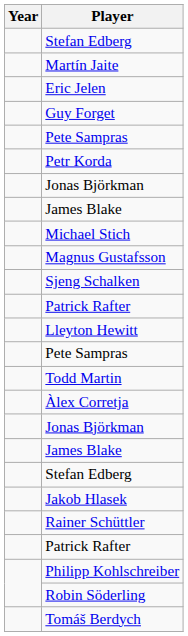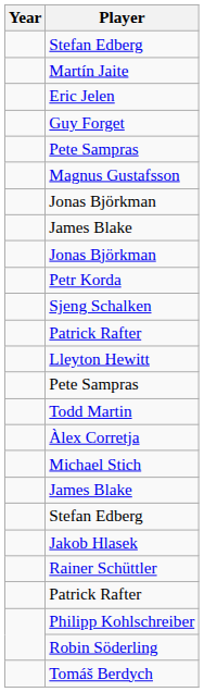 <table class="wikitable sortable">
 <tr>
 <th>Year</th>
 <th>Player</th>
 </tr>
 <tr>
 <td></td>
 <td> <a href='#'>Stefan Edberg</a></td>
 </tr>
 <tr>
 <td></td>
 <td> <a href='#'>Martín Jaite</a></td>
 </tr>
 <tr>
 <td></td>
 <td> <a href='#'>Eric Jelen</a></td>
 </tr>
 <tr>
 <td></td>
 <td> <a href='#'>Guy Forget</a></td>
 </tr>
 <tr>
 <td></td>
 <td> <a href='#'>Pete Sampras</a></td>
 </tr>
 <tr>
 <td></td>
-<td> <a href='#'>Petr Korda</a></td>
+<td> <a href='#'>Magnus Gustafsson</a></td>
 </tr>
 <tr>
 <td></td>
 <td> Jonas Björkman </td>
 </tr>
 <tr>
 <td></td>
 <td> James Blake </td>
 </tr>
 <tr>
 <td></td>
-<td> <a href='#'>Michael Stich</a></td>
+<td> <a href='#'>Jonas Björkman</a></td>
 </tr>
 <tr>
 <td></td>
-<td> <a href='#'>Magnus Gustafsson</a></td>
+<td> <a href='#'>Petr Korda</a></td>
 </tr>
 <tr>
 <td></td>
 <td> <a href='#'>Sjeng Schalken</a></td>
 </tr>
 <tr>
 <td></td>
 <td> <a href='#'>Patrick Rafter</a></td>
 </tr>
 <tr>
 <td></td>
 <td> <a href='#'>Lleyton Hewitt</a></td>
 </tr>
 <tr>
 <td></td>
 <td> Pete Sampras </td>
 </tr>
 <tr>
 <td></td>
 <td> <a href='#'>Todd Martin</a></td>
 </tr>
 <tr>
 <td></td>
 <td> <a href='#'>Àlex Corretja</a></td>
 </tr>
 <tr>
 <td></td>
-<td> <a href='#'>Jonas Björkman</a></td>
+<td> <a href='#'>Michael Stich</a></td>
 </tr>
 <tr>
 <td></td>
 <td> <a href='#'>James Blake</a></td>
 </tr>
 <tr>
 <td></td>
 <td> Stefan Edberg </td>
 </tr>
 <tr>
 <td></td>
 <td> <a href='#'>Jakob Hlasek</a></td>
 </tr>
 <tr>
 <td></td>
 <td> <a href='#'>Rainer Schüttler</a></td>
 </tr>
 <tr>
 <td></td>
 <td> Patrick Rafter </td>
 </tr>
 <tr>
 <td rowspan="2"></td>
 <td> <a href='#'>Philipp Kohlschreiber</a></td>
 </tr>
 <tr>
 <td> <a href='#'>Robin Söderling</a></td>
 </tr>
 <tr>
 <td></td>
 <td> <a href='#'>Tomáš Berdych</a></td>
 </tr>
 </table>
